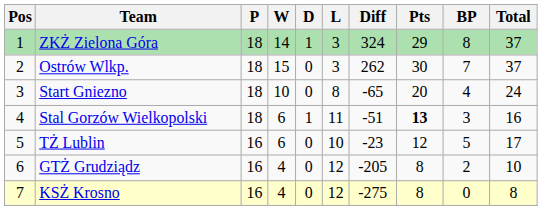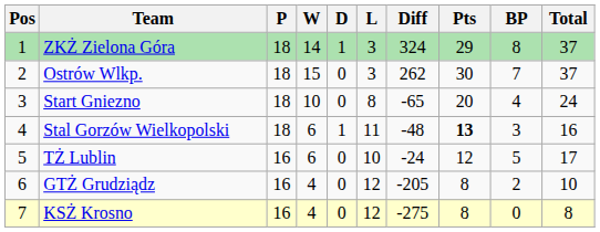 <table class="wikitable" style="font-size: 100%">
 <tr>
 <th width=20>Pos</th>
 <th width=200>Team</th>
 <th width=20>P</th>
 <th width=20>W</th>
 <th width=20>D</th>
 <th width=20>L</th>
 <th width=40>Diff</th>
 <th width=40>Pts</th>
 <th width=40>BP</th>
 <th width=40>Total</th>
 </tr>
 <tr align=center style="background:#ACE1AF;">
 <td>1</td>
 <td align="left"><a href='#'>ZKŻ Zielona Góra</a></td>
 <td>18</td>
 <td>14</td>
 <td>1</td>
 <td>3</td>
 <td>324</td>
 <td>29</td>
 <td>8</td>
 <td>37</td>
 </tr>
 <tr align=center>
 <td>2</td>
 <td align="left"><a href='#'>Ostrów Wlkp.</a></td>
 <td>18</td>
 <td>15</td>
 <td>0</td>
 <td>3</td>
 <td>262</td>
 <td>30</td>
 <td>7</td>
 <td>37</td>
 </tr>
 <tr align=center>
 <td>3</td>
 <td align="left"><a href='#'>Start Gniezno</a></td>
 <td>18</td>
 <td>10</td>
 <td>0</td>
 <td>8</td>
 <td>-65</td>
 <td>20</td>
 <td>4</td>
 <td>24</td>
 </tr>
 <tr align=center>
 <td>4</td>
 <td align="left"><a href='#'>Stal Gorzów Wielkopolski</a></td>
 <td>18</td>
 <td>6</td>
 <td>1</td>
 <td>11</td>
-<td>-51</td>
+<td>-48</td>
 <td><strong>13</strong></td>
 <td>3</td>
 <td>16</td>
 </tr>
 <tr align=center>
 <td>5</td>
 <td align="left"><a href='#'>TŻ Lublin</a></td>
 <td>16</td>
 <td>6</td>
 <td>0</td>
 <td>10</td>
-<td>-23</td>
+<td>-24</td>
 <td>12</td>
 <td>5</td>
 <td>17</td>
 </tr>
 <tr align=center>
 <td>6</td>
 <td align="left"><a href='#'>GTŻ Grudziądz</a></td>
 <td>16</td>
 <td>4</td>
 <td>0</td>
 <td>12</td>
 <td>-205</td>
 <td>8</td>
 <td>2</td>
 <td>10</td>
 </tr>
 <tr align=center style="background: #ffffcc;">
 <td>7</td>
 <td align="left"><a href='#'>KSŻ Krosno</a></td>
 <td>16</td>
 <td>4</td>
 <td>0</td>
 <td>12</td>
 <td>-275</td>
 <td>8</td>
 <td>0</td>
 <td>8</td>
 </tr>
 </table>
